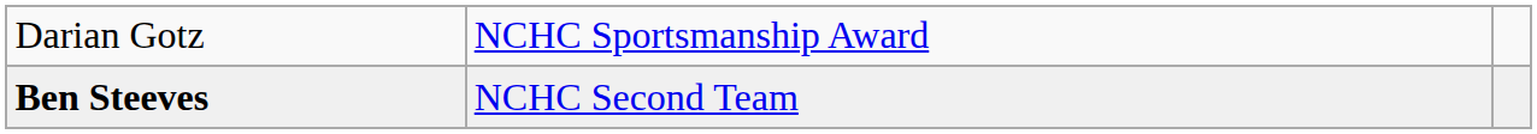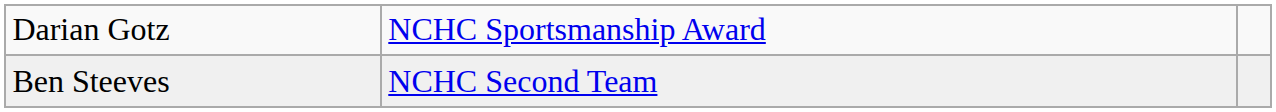 <table class="wikitable" width=40%>
 <tr>
 <td>Darian Gotz</td>
 <td><a href='#'>NCHC Sportsmanship Award</a></td>
 <td></td>
 </tr>
 <tr bgcolor=f0f0f0>
-<td><strong>Ben Steeves</strong></td>
+<td>Ben Steeves</td>
 <td rowspan=2><a href='#'>NCHC Second Team</a></td>
 <td rowspan=2></td>
 </tr>
 <tr>
 </tr>
 </table>
